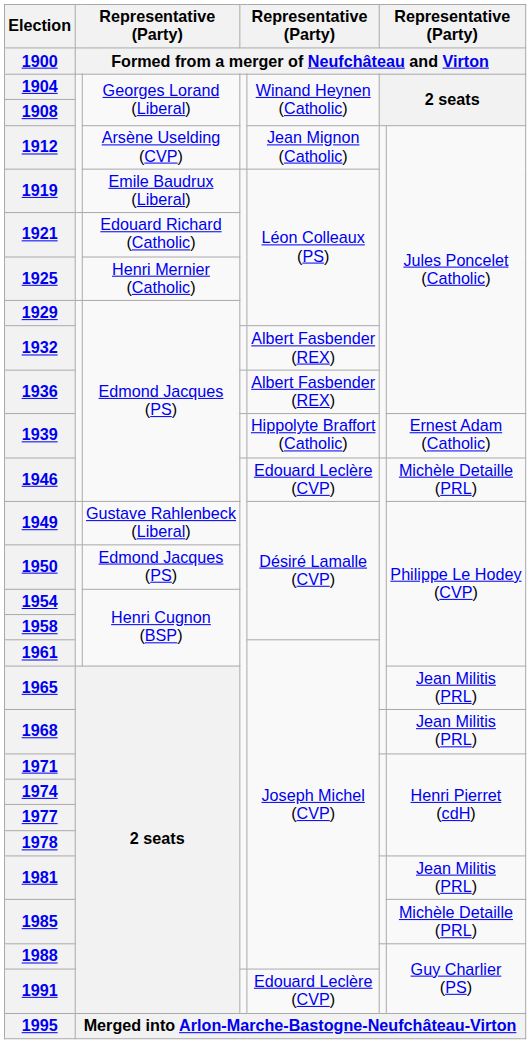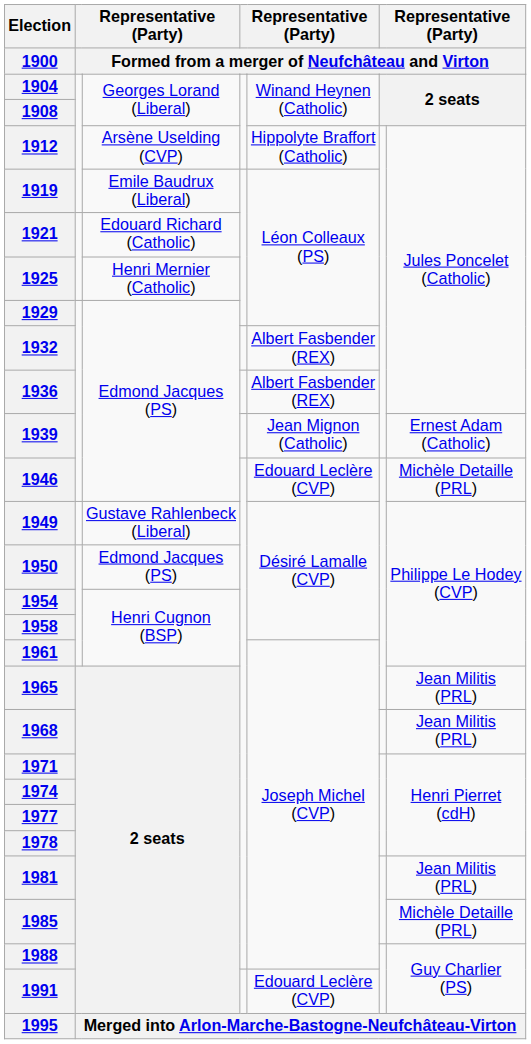 <table class="wikitable" style="text-align:center">
 <tr>
 <th>Election</th>
 <th colspan=2>Representative<br>(Party)</th>
 <th colspan=2>Representative<br>(Party)</th>
 <th colspan=2>Representative<br>(Party)</th>
 </tr>
 <tr>
 <th rowspan=2><a href='#'>1900</a></th>
 <th colspan=6>Formed from a merger of <a href='#'>Neufchâteau</a> and <a href='#'>Virton</a></th>
 </tr>
 <tr>
 <td rowspan=5; style="background-color: "></td>
 <td rowspan=3><a href='#'>Georges Lorand</a><br>(<a href='#'>Liberal</a>)</td>
 <td rowspan=4; style="background-color: "></td>
 <td rowspan=3><a href='#'>Winand Heynen</a><br>(<a href='#'>Catholic</a>)</td>
 <th colspan=2; rowspan=3>2 seats</th>
 </tr>
 <tr>
 <th><a href='#'>1904</a></th>
 </tr>
 <tr>
 <th><a href='#'>1908</a></th>
 </tr>
 <tr>
 <th><a href='#'>1912</a></th>
 <td rowspan=1><a href='#'>Arsène Uselding</a><br>(<a href='#'>CVP</a>)</td>
-<td rowspan=1><a href='#'>Jean Mignon</a><br>(<a href='#'>Catholic</a>)</td>
+<td rowspan=1><a href='#'>Hippolyte Braffort</a><br>(<a href='#'>Catholic</a>)</td>
 <td rowspan=8; style="background-color: "></td>
 <td rowspan=7><a href='#'>Jules Poncelet</a><br>(<a href='#'>Catholic</a>)</td>
 </tr>
 <tr>
 <th><a href='#'>1919</a></th>
 <td rowspan=1><a href='#'>Emile Baudrux</a><br>(<a href='#'>Liberal</a>)</td>
 <td rowspan=4; style="background-color: "></td>
 <td rowspan=4><a href='#'>Léon Colleaux</a><br>(<a href='#'>PS</a>)</td>
 </tr>
 <tr>
 <th><a href='#'>1921</a></th>
 <td rowspan=2; style="background-color: "></td>
 <td rowspan=1><a href='#'>Edouard Richard</a><br>(<a href='#'>Catholic</a>)</td>
 </tr>
 <tr>
 <th><a href='#'>1925</a></th>
 <td rowspan=1><a href='#'>Henri Mernier</a><br>(<a href='#'>Catholic</a>)</td>
 </tr>
 <tr>
 <th><a href='#'>1929</a></th>
 <td rowspan=5; style="background-color: "></td>
 <td rowspan=5><a href='#'>Edmond Jacques</a><br>(<a href='#'>PS</a>)</td>
 </tr>
 <tr>
 <th><a href='#'>1932</a></th>
 <td rowspan=1; style="background-color: "></td>
 <td rowspan=1><a href='#'>Albert Fasbender</a><br>(<a href='#'>REX</a>)</td>
 </tr>
 <tr>
 <th><a href='#'>1936</a></th>
 <td rowspan=1; style="background-color: "></td>
 <td rowspan=1><a href='#'>Albert Fasbender</a><br>(<a href='#'>REX</a>)</td>
 </tr>
 <tr>
 <th><a href='#'>1939</a></th>
 <td rowspan=1; style="background-color: "></td>
-<td rowspan=1><a href='#'>Hippolyte Braffort</a><br>(<a href='#'>Catholic</a>)</td>
+<td rowspan=1><a href='#'>Jean Mignon</a><br>(<a href='#'>Catholic</a>)</td>
 <td rowspan=1><a href='#'>Ernest Adam</a><br>(<a href='#'>Catholic</a>)</td>
 </tr>
 <tr>
 <th><a href='#'>1946</a></th>
 <td rowspan=15; style="background-color: "></td>
 <td rowspan=1><a href='#'>Edouard Leclère</a><br>(<a href='#'>CVP</a>)</td>
 <td rowspan=7; style="background-color: "></td>
 <td rowspan=1><a href='#'>Michèle Detaille</a><br>(<a href='#'>PRL</a>)</td>
 </tr>
 <tr>
 <th><a href='#'>1949</a></th>
 <td rowspan=1; style="background-color: "></td>
 <td rowspan=1><a href='#'>Gustave Rahlenbeck</a><br>(<a href='#'>Liberal</a>)</td>
 <td rowspan=4><a href='#'>Désiré Lamalle</a><br>(<a href='#'>CVP</a>)</td>
 <td rowspan=5><a href='#'>Philippe Le Hodey</a><br>(<a href='#'>CVP</a>)</td>
 </tr>
 <tr>
 <th><a href='#'>1950</a></th>
 <td rowspan=4; style="background-color: "></td>
 <td rowspan=1><a href='#'>Edmond Jacques</a><br>(<a href='#'>PS</a>)</td>
 </tr>
 <tr>
 <th><a href='#'>1954</a></th>
 <td rowspan=3><a href='#'>Henri Cugnon</a><br>(<a href='#'>BSP</a>)</td>
 </tr>
 <tr>
 <th><a href='#'>1958</a></th>
 </tr>
 <tr>
 <th><a href='#'>1961</a></th>
 <td rowspan=10><a href='#'>Joseph Michel</a><br>(<a href='#'>CVP</a>)</td>
 </tr>
 <tr>
 <th><a href='#'>1965</a></th>
 <th rowspan=10; colspan=2>2 seats</th>
 <td rowspan=1><a href='#'>Jean Militis</a><br>(<a href='#'>PRL</a>)</td>
 </tr>
 <tr>
 <th><a href='#'>1968</a></th>
 <td rowspan=1; style="background-color: "></td>
 <td rowspan=1><a href='#'>Jean Militis</a><br>(<a href='#'>PRL</a>)</td>
 </tr>
 <tr>
 <th><a href='#'>1971</a></th>
 <td rowspan=4; style="background-color: "></td>
 <td rowspan=4><a href='#'>Henri Pierret</a><br>(<a href='#'>cdH</a>)</td>
 </tr>
 <tr>
 <th><a href='#'>1974</a></th>
 </tr>
 <tr>
 <th><a href='#'>1977</a></th>
 </tr>
 <tr>
 <th><a href='#'>1978</a></th>
 </tr>
 <tr>
 <th><a href='#'>1981</a></th>
 <td rowspan=2; style="background-color: "></td>
 <td rowspan=1><a href='#'>Jean Militis</a><br>(<a href='#'>PRL</a>)</td>
 </tr>
 <tr>
 <th><a href='#'>1985</a></th>
 <td rowspan=1><a href='#'>Michèle Detaille</a><br>(<a href='#'>PRL</a>)</td>
 </tr>
 <tr>
 <th><a href='#'>1988</a></th>
 <td rowspan=2; style="background-color: "></td>
 <td rowspan=2><a href='#'>Guy Charlier</a><br>(<a href='#'>PS</a>)</td>
 </tr>
 <tr>
 <th><a href='#'>1991</a></th>
 <td rowspan=1; style="background-color: "></td>
 <td rowspan=1><a href='#'>Edouard Leclère</a><br>(<a href='#'>CVP</a>)</td>
 </tr>
 <tr>
 <th><a href='#'>1995</a></th>
 <th colspan=6>Merged into <a href='#'>Arlon-Marche-Bastogne-Neufchâteau-Virton</a></th>
 </tr>
 </table>
